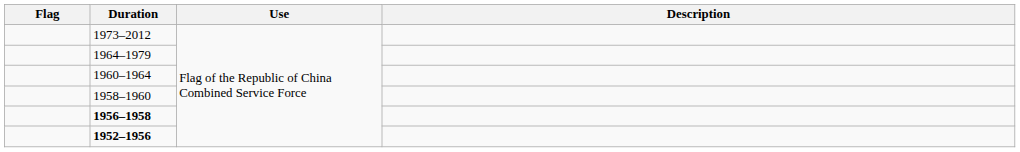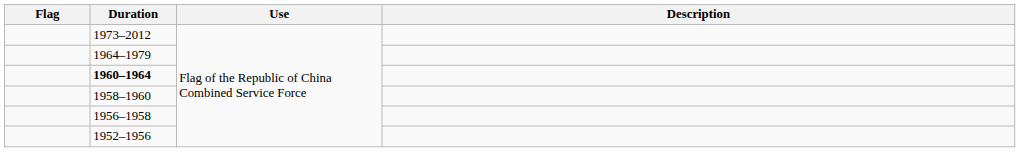 <table class="wikitable" width="100%">
 <tr>
 <th style="width:100px;">Flag</th>
 <th style="width:100px;">Duration</th>
 <th style="width:250px;">Use</th>
 <th style="min-width:250px">Description</th>
 </tr>
 <tr>
 <td></td>
 <td>1973–2012</td>
 <td rowspan="6">Flag of the Republic of China Combined Service Force</td>
 <td></td>
 </tr>
 <tr>
 <td></td>
 <td>1964–1979</td>
 <td></td>
 </tr>
 <tr>
 <td></td>
-<td>1960–1964</td>
+<td><strong>1960–1964</strong></td>
 <td></td>
 </tr>
 <tr>
 <td></td>
 <td>1958–1960</td>
 <td></td>
 </tr>
 <tr>
 <td></td>
-<td><strong>1956–1958</strong></td>
+<td>1956–1958</td>
 <td></td>
 </tr>
 <tr>
 <td></td>
-<td><strong>1952–1956</strong></td>
+<td>1952–1956</td>
 <td></td>
 </tr>
 </table>
